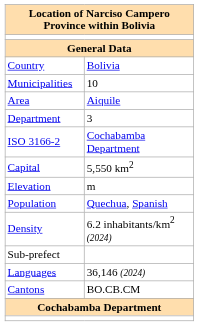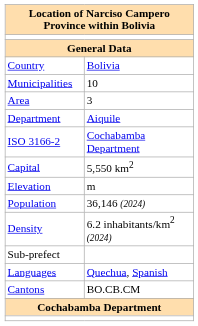 <table border=1 align=right cellpadding=3 cellspacing=0 width=270 style="margin: 0 0 1em 1em; border: 1px #aaa solid; border-collapse: collapse;">
 <tr>
 <th colspan="2" bgcolor="#FFDEAD">Location of Narciso Campero Province within Bolivia</th>
 </tr>
 <tr>
 <td colspan="2" align="center" bgcolor="#ffffff"></td>
 </tr>
 <tr>
 <th colspan="2" bgcolor="#FFDEAD">General Data</th>
 </tr>
 <tr>
 <td><a href='#'>Country</a></td>
 <td> <a href='#'>Bolivia</a></td>
 </tr>
 <tr>
 <td><a href='#'>Municipalities</a></td>
 <td>10</td>
 </tr>
 <tr>
 <td><a href='#'>Area</a></td>
-<td><a href='#'>Aiquile</a></td>
+<td>3</td>
 </tr>
 <tr>
 <td><a href='#'>Department</a></td>
-<td>3</td>
+<td><a href='#'>Aiquile</a></td>
 </tr>
 <tr>
 <td><a href='#'>ISO 3166-2</a></td>
 <td><a href='#'>Cochabamba Department</a></td>
 </tr>
 <tr>
 <td><a href='#'>Capital</a></td>
 <td>5,550 km<sup>2</sup></td>
 </tr>
 <tr>
 <td><a href='#'>Elevation</a></td>
 <td>m</td>
 </tr>
 <tr>
 <td><a href='#'>Population</a></td>
-<td><a href='#'>Quechua</a>, <a href='#'>Spanish</a></td>
+<td>36,146 <em><small>(2024)</small></em></td>
 </tr>
 <tr>
 <td><a href='#'>Density</a></td>
 <td>6.2 inhabitants/km<sup>2</sup> <em><small>(2024)</small></em></td>
 </tr>
 <tr>
 <td>Sub-prefect</td>
 <td></td>
 </tr>
 <tr>
 <td><a href='#'>Languages</a></td>
-<td>36,146 <em><small>(2024)</small></em></td>
+<td><a href='#'>Quechua</a>, <a href='#'>Spanish</a></td>
 </tr>
 <tr>
 <td><a href='#'>Cantons</a></td>
 <td>BO.CB.CM</td>
 </tr>
 <tr>
 <th colspan="2" bgcolor="#FFDEAD">Cochabamba Department</th>
 </tr>
 <tr>
 <td colspan="2" align="center" bgcolor="#ffffff"></td>
 </tr>
 </table>
